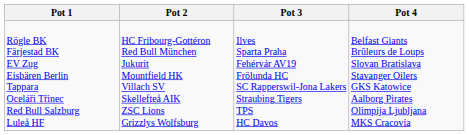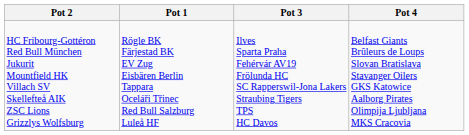 <table class="wikitable" style="font-size: 95%;">
 <tr>
+<th width=25%>Pot 2</th>
 <th width=25%>Pot 1</th>
-<th width=25%>Pot 2</th>
 <th width=25%>Pot 3</th>
 <th width=25%>Pot 4</th>
 </tr>
 <tr>
+<td><br> <a href='#'>HC Fribourg-Gottéron</a><br>  <a href='#'>Red Bull München</a><br>  <a href='#'>Jukurit</a><br>  <a href='#'>Mountfield HK</a><br>  <a href='#'>Villach SV</a><br>  <a href='#'>Skellefteå AIK</a><br>  <a href='#'>ZSC Lions</a><br>  <a href='#'>Grizzlys Wolfsburg</a></td>
 <td><br> <a href='#'>Rögle BK</a><br>  <a href='#'>Färjestad BK</a><br>  <a href='#'>EV Zug</a><br>  <a href='#'>Eisbären Berlin</a><br>  <a href='#'>Tappara</a><br>  <a href='#'>Oceláři Třinec</a><br>  <a href='#'>Red Bull Salzburg</a><br>  <a href='#'>Luleå HF</a></td>
-<td><br> <a href='#'>HC Fribourg-Gottéron</a><br>  <a href='#'>Red Bull München</a><br>  <a href='#'>Jukurit</a><br>  <a href='#'>Mountfield HK</a><br>  <a href='#'>Villach SV</a><br>  <a href='#'>Skellefteå AIK</a><br>  <a href='#'>ZSC Lions</a><br>  <a href='#'>Grizzlys Wolfsburg</a></td>
 <td><br> <a href='#'>Ilves</a><br>  <a href='#'>Sparta Praha</a><br>  <a href='#'>Fehérvár AV19</a><br>  <a href='#'>Frölunda HC</a><br>  <a href='#'>SC Rapperswil-Jona Lakers</a><br>  <a href='#'>Straubing Tigers</a><br>  <a href='#'>TPS</a><br>  <a href='#'>HC Davos</a></td>
 <td><br> <a href='#'>Belfast Giants</a><br>  <a href='#'>Brûleurs de Loups</a><br>  <a href='#'>Slovan Bratislava</a><br>  <a href='#'>Stavanger Oilers</a><br>  <a href='#'>GKS Katowice</a><br>  <a href='#'>Aalborg Pirates</a><br>  <a href='#'>Olimpija Ljubljana</a><br>  <a href='#'>MKS Cracovia</a></td>
 </tr>
 </table>
